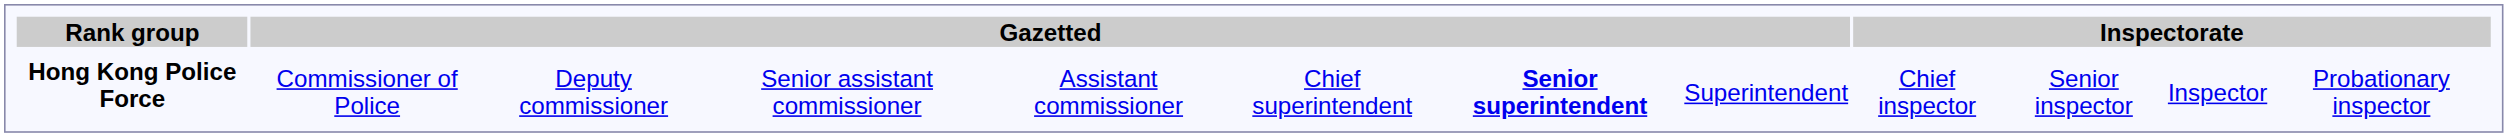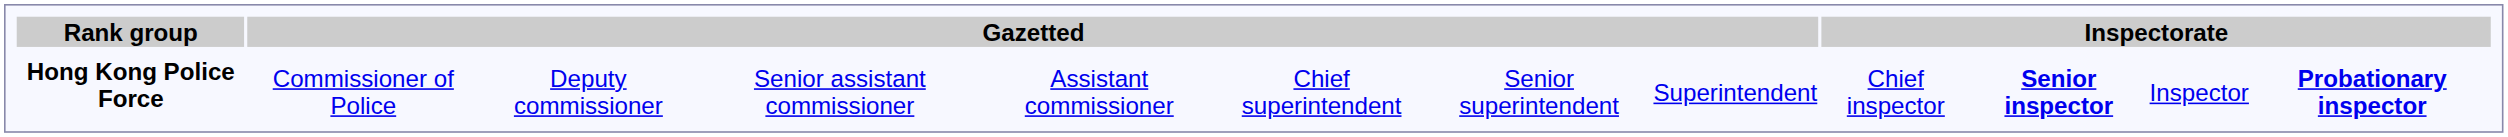 <table style="border:1px solid #8888aa; background-color:#f7f8ff; padding:5px; font-size:95%; margin: 0px 12px 12px 0px; text-align:center;">
 <tr style="background-color:#CCCCCC;">
 <th>Rank group</th>
 <th colspan=7>Gazetted</th>
 <th colspan=4>Inspectorate</th>
 </tr>
 <tr>
 <td rowspan=3><strong>Hong Kong Police Force</strong></td>
 <td></td>
 <td></td>
 <td></td>
 <td></td>
 <td></td>
 <td></td>
 <td></td>
 <td></td>
 <td></td>
 <td></td>
 <td></td>
 </tr>
 <tr>
 <td></td>
 <td></td>
 <td></td>
 <td></td>
 <td></td>
 <td></td>
 <td></td>
 <td></td>
 <td></td>
 <td></td>
 <td></td>
 </tr>
 <tr>
 <td><a href='#'>Commissioner of Police</a></td>
 <td><a href='#'>Deputy commissioner</a></td>
 <td><a href='#'>Senior assistant commissioner</a></td>
 <td><a href='#'>Assistant commissioner</a></td>
 <td><a href='#'>Chief superintendent</a></td>
-<td><strong><a href='#'>Senior superintendent</a></strong></td>
+<td><a href='#'>Senior superintendent</a></td>
 <td><a href='#'>Superintendent</a></td>
 <td><a href='#'>Chief inspector</a></td>
-<td><a href='#'>Senior inspector</a></td>
+<td><strong><a href='#'>Senior inspector</a></strong></td>
 <td><a href='#'>Inspector</a></td>
-<td><a href='#'>Probationary inspector</a></td>
+<td><strong><a href='#'>Probationary inspector</a></strong></td>
 </tr>
 </table>
